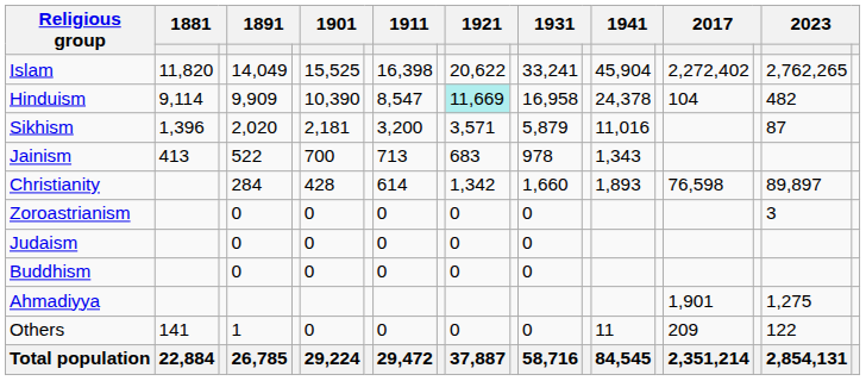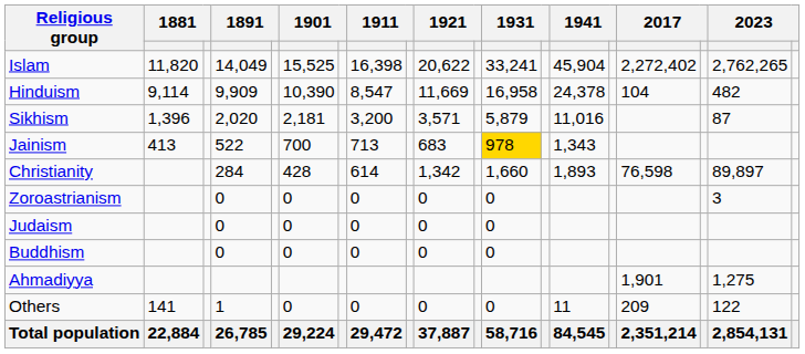 <table class="wikitable sortable">
 <tr>
 <th rowspan="2"><a href='#'>Religious</a><br>group</th>
 <th colspan="2">1881</th>
 <th colspan="2">1891</th>
 <th colspan="2">1901</th>
 <th colspan="2">1911</th>
 <th colspan="2">1921</th>
 <th colspan="2">1931</th>
 <th colspan="2">1941</th>
 <th colspan="2">2017</th>
 <th colspan="2">2023</th>
 </tr>
 <tr>
 <th><a href='#'></a></th>
 <th></th>
 <th></th>
 <th></th>
 <th></th>
 <th></th>
 <th></th>
 <th></th>
 <th></th>
 <th></th>
 <th></th>
 <th></th>
 <th></th>
 <th></th>
 <th></th>
 <th></th>
 <th></th>
 <th></th>
 </tr>
 <tr>
 <td><a href='#'>Islam</a> </td>
 <td>11,820</td>
 <td></td>
 <td>14,049</td>
 <td></td>
 <td>15,525</td>
 <td></td>
 <td>16,398</td>
 <td></td>
 <td>20,622</td>
 <td></td>
 <td>33,241</td>
 <td></td>
 <td>45,904</td>
 <td></td>
 <td>2,272,402</td>
 <td></td>
 <td>2,762,265</td>
 <td></td>
 </tr>
 <tr>
 <td><a href='#'>Hinduism</a> </td>
 <td>9,114</td>
 <td></td>
 <td>9,909</td>
 <td></td>
 <td>10,390</td>
 <td></td>
 <td>8,547</td>
 <td></td>
-<td style="background: paleturquoise;">11,669</td>
+<td>11,669</td>
 <td></td>
 <td>16,958</td>
 <td></td>
 <td>24,378</td>
 <td></td>
 <td>104</td>
 <td></td>
 <td>482</td>
 <td></td>
 </tr>
 <tr>
 <td><a href='#'>Sikhism</a> </td>
 <td>1,396</td>
 <td></td>
 <td>2,020</td>
 <td></td>
 <td>2,181</td>
 <td></td>
 <td>3,200</td>
 <td></td>
 <td>3,571</td>
 <td></td>
 <td>5,879</td>
 <td></td>
 <td>11,016</td>
 <td></td>
 <td></td>
 <td></td>
 <td>87</td>
 <td></td>
 </tr>
 <tr>
 <td><a href='#'>Jainism</a> </td>
 <td>413</td>
 <td></td>
 <td>522</td>
 <td></td>
 <td>700</td>
 <td></td>
 <td>713</td>
 <td></td>
 <td>683</td>
 <td></td>
-<td>978</td>
+<td style="background: gold;">978</td>
 <td></td>
 <td>1,343</td>
 <td></td>
 <td></td>
 <td></td>
 <td></td>
 <td></td>
 </tr>
 <tr>
 <td><a href='#'>Christianity</a> </td>
 <td></td>
 <td></td>
 <td>284</td>
 <td></td>
 <td>428</td>
 <td></td>
 <td>614</td>
 <td></td>
 <td>1,342</td>
 <td></td>
 <td>1,660</td>
 <td></td>
 <td>1,893</td>
 <td></td>
 <td>76,598</td>
 <td></td>
 <td>89,897</td>
 <td></td>
 </tr>
 <tr>
 <td><a href='#'>Zoroastrianism</a> </td>
 <td></td>
 <td></td>
 <td>0</td>
 <td></td>
 <td>0</td>
 <td></td>
 <td>0</td>
 <td></td>
 <td>0</td>
 <td></td>
 <td>0</td>
 <td></td>
 <td></td>
 <td></td>
 <td></td>
 <td></td>
 <td>3</td>
 <td></td>
 </tr>
 <tr>
 <td><a href='#'>Judaism</a> </td>
 <td></td>
 <td></td>
 <td>0</td>
 <td></td>
 <td>0</td>
 <td></td>
 <td>0</td>
 <td></td>
 <td>0</td>
 <td></td>
 <td>0</td>
 <td></td>
 <td></td>
 <td></td>
 <td></td>
 <td></td>
 <td></td>
 <td></td>
 </tr>
 <tr>
 <td><a href='#'>Buddhism</a> </td>
 <td></td>
 <td></td>
 <td>0</td>
 <td></td>
 <td>0</td>
 <td></td>
 <td>0</td>
 <td></td>
 <td>0</td>
 <td></td>
 <td>0</td>
 <td></td>
 <td></td>
 <td></td>
 <td></td>
 <td></td>
 <td></td>
 <td></td>
 </tr>
 <tr>
 <td><a href='#'>Ahmadiyya</a> </td>
 <td></td>
 <td></td>
 <td></td>
 <td></td>
 <td></td>
 <td></td>
 <td></td>
 <td></td>
 <td></td>
 <td></td>
 <td></td>
 <td></td>
 <td></td>
 <td></td>
 <td>1,901</td>
 <td></td>
 <td>1,275</td>
 <td></td>
 </tr>
 <tr>
 <td>Others</td>
 <td>141</td>
 <td></td>
 <td>1</td>
 <td></td>
 <td>0</td>
 <td></td>
 <td>0</td>
 <td></td>
 <td>0</td>
 <td></td>
 <td>0</td>
 <td></td>
 <td>11</td>
 <td></td>
 <td>209</td>
 <td></td>
 <td>122</td>
 <td></td>
 </tr>
 <tr>
 <th>Total population</th>
 <th>22,884</th>
 <th></th>
 <th>26,785</th>
 <th></th>
 <th>29,224</th>
 <th></th>
 <th>29,472</th>
 <th></th>
 <th>37,887</th>
 <th></th>
 <th>58,716</th>
 <th></th>
 <th>84,545</th>
 <th></th>
 <th>2,351,214</th>
 <th></th>
 <th>2,854,131</th>
 <th></th>
 </tr>
 </table>
